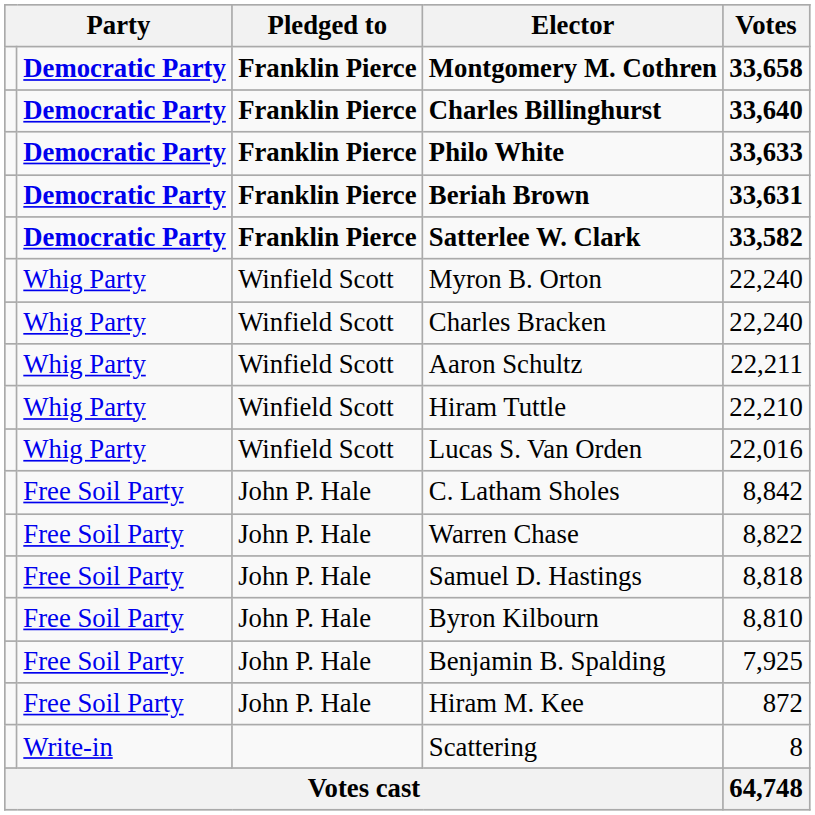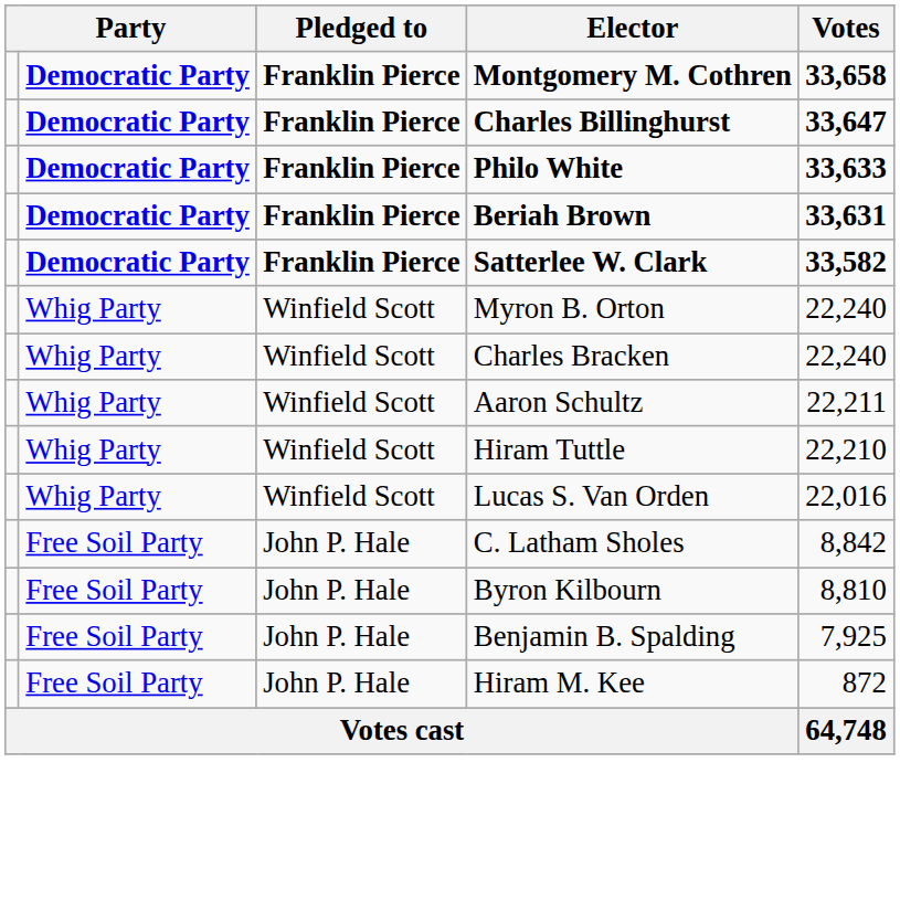 <table class="wikitable">
 <tr>
 <th colspan=2>Party</th>
 <th>Pledged to</th>
 <th>Elector</th>
 <th>Votes</th>
 </tr>
 <tr style="font-weight:bold">
 <td></td>
 <td><a href='#'>Democratic Party</a></td>
 <td>Franklin Pierce</td>
 <td>Montgomery M. Cothren</td>
 <td align="right">33,658</td>
 </tr>
 <tr style="font-weight:bold">
 <td></td>
 <td><a href='#'>Democratic Party</a></td>
 <td>Franklin Pierce</td>
 <td>Charles Billinghurst</td>
-<td align="right">33,640</td>
+<td align="right">33,647</td>
 </tr>
 <tr style="font-weight:bold">
 <td></td>
 <td><a href='#'>Democratic Party</a></td>
 <td>Franklin Pierce</td>
 <td>Philo White</td>
 <td align="right">33,633</td>
 </tr>
 <tr style="font-weight:bold">
 <td></td>
 <td><a href='#'>Democratic Party</a></td>
 <td>Franklin Pierce</td>
 <td>Beriah Brown</td>
 <td align="right">33,631</td>
 </tr>
 <tr style="font-weight:bold">
 <td></td>
 <td><a href='#'>Democratic Party</a></td>
 <td>Franklin Pierce</td>
 <td>Satterlee W. Clark</td>
 <td align="right">33,582</td>
 </tr>
 <tr>
 <td></td>
 <td><a href='#'>Whig Party</a></td>
 <td>Winfield Scott</td>
 <td>Myron B. Orton</td>
 <td align="right">22,240</td>
 </tr>
 <tr>
 <td></td>
 <td><a href='#'>Whig Party</a></td>
 <td>Winfield Scott</td>
 <td>Charles Bracken</td>
 <td align="right">22,240</td>
 </tr>
 <tr>
 <td></td>
 <td><a href='#'>Whig Party</a></td>
 <td>Winfield Scott</td>
 <td>Aaron Schultz</td>
 <td align="right">22,211</td>
 </tr>
 <tr>
 <td></td>
 <td><a href='#'>Whig Party</a></td>
 <td>Winfield Scott</td>
 <td>Hiram Tuttle</td>
 <td align="right">22,210</td>
 </tr>
 <tr>
 <td></td>
 <td><a href='#'>Whig Party</a></td>
 <td>Winfield Scott</td>
 <td>Lucas S. Van Orden</td>
 <td align="right">22,016</td>
 </tr>
 <tr>
 <td></td>
 <td><a href='#'>Free Soil Party</a></td>
 <td>John P. Hale</td>
 <td>C. Latham Sholes</td>
 <td align="right">8,842</td>
 </tr>
 <tr>
 <td></td>
 <td><a href='#'>Free Soil Party</a></td>
 <td>John P. Hale</td>
-<td>Warren Chase</td>
-<td align="right">8,822</td>
-</tr>
-<tr>
-<td></td>
-<td><a href='#'>Free Soil Party</a></td>
-<td>John P. Hale</td>
-<td>Samuel D. Hastings</td>
-<td align="right">8,818</td>
-</tr>
-<tr>
-<td></td>
-<td><a href='#'>Free Soil Party</a></td>
-<td>John P. Hale</td>
 <td>Byron Kilbourn</td>
 <td align="right">8,810</td>
 </tr>
 <tr>
 <td></td>
 <td><a href='#'>Free Soil Party</a></td>
 <td>John P. Hale</td>
 <td>Benjamin B. Spalding</td>
 <td align="right">7,925</td>
 </tr>
 <tr>
 <td></td>
 <td><a href='#'>Free Soil Party</a></td>
 <td>John P. Hale</td>
 <td>Hiram M. Kee</td>
 <td align="right">872</td>
 </tr>
 <tr>
-<td></td>
-<td><a href='#'>Write-in</a></td>
-<td></td>
-<td>Scattering</td>
-<td align="right">8</td>
-</tr>
-<tr>
 <th colspan="4">Votes cast</th>
 <th>64,748</th>
 </tr>
 </table>
